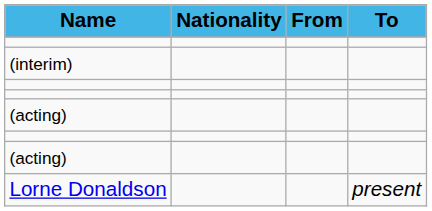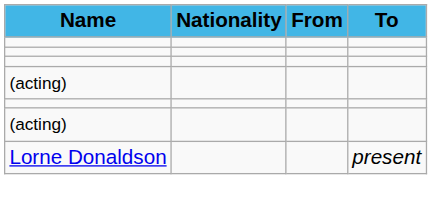 <table class="wikitable plainrowheaders sortable">
 <tr>
 <th style="background:#41B6E6; color:#000; ">Name</th>
 <th style="background:#41B6E6; color:#000; ">Nationality</th>
 <th style="background:#41B6E6; color:#000; ">From</th>
 <th style="background:#41B6E6; color:#000; ">To</th>
 </tr>
 <tr>
 <td></td>
-<td></td>
-<td style="text-align:center;"></td>
-<td style="text-align:center;"></td>
-</tr>
-<tr>
-<td> <small>(interim)</small></td>
 <td></td>
 <td style="text-align:center;"></td>
 <td style="text-align:center;"></td>
 </tr>
 <tr>
 <td></td>
 <td></td>
 <td style="text-align:center;"></td>
 <td style="text-align:center;"></td>
 </tr>
 <tr>
 <td></td>
 <td></td>
 <td style="text-align:center;"></td>
 <td style="text-align:center;"></td>
 </tr>
 <tr>
 <td> <small>(acting)</small></td>
 <td></td>
 <td style="text-align:center;"></td>
 <td style="text-align:center;"></td>
 </tr>
 <tr>
 <td></td>
 <td></td>
 <td style="text-align:center;"></td>
 <td style="text-align:center;"></td>
 </tr>
 <tr>
 <td> <small>(acting)</small></td>
 <td></td>
 <td style="text-align:center;"></td>
 <td style="text-align:center;"></td>
 </tr>
 <tr>
 <td><a href='#'>Lorne Donaldson</a></td>
 <td></td>
 <td></td>
 <td style="text-align:center;"><em>present</em></td>
 </tr>
 </table>
